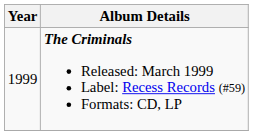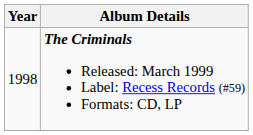 <table class="wikitable">
 <tr>
 <th rowspan="1">Year</th>
 <th rowspan="1">Album Details</th>
 </tr>
 <tr>
-<td>1999</td>
+<td>1998</td>
 <td><strong><em>The Criminals</em></strong><br><ul><li>Released: March 1999</li><li>Label: <a href='#'>Recess Records</a> <small>(#59)</small></li><li>Formats: CD, LP</li></ul></td>
 </tr>
 <tr>
 </tr>
 </table>
